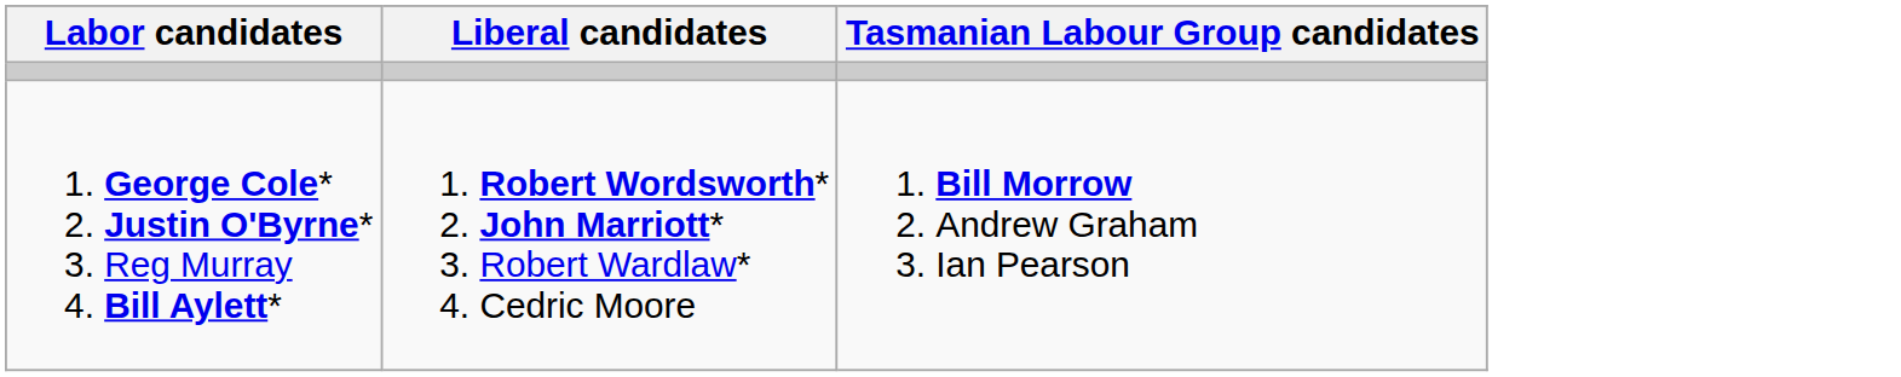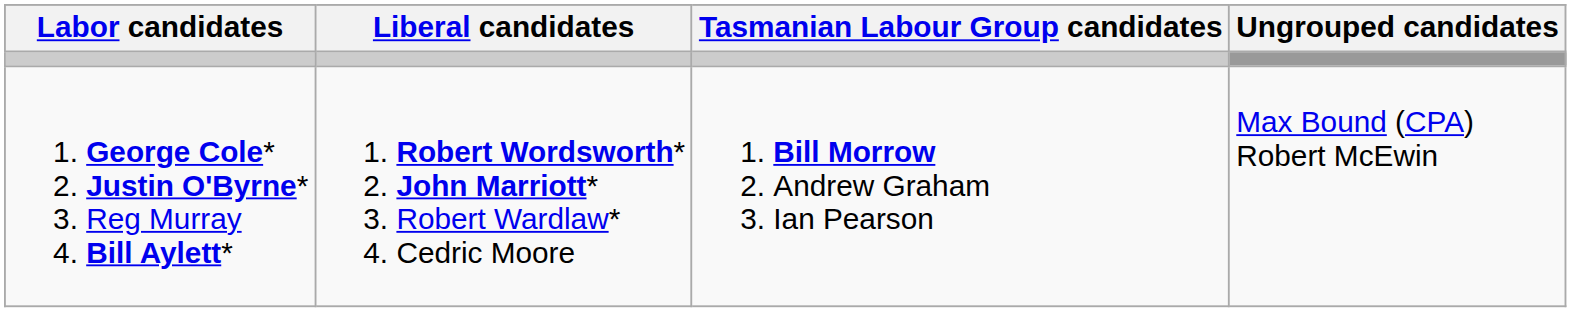 <table class="wikitable">
 <tr>
 <th><a href='#'>Labor</a> candidates</th>
 <th><a href='#'>Liberal</a> candidates</th>
 <th><a href='#'>Tasmanian Labour Group</a> candidates</th>
+<th>Ungrouped candidates</th>
 </tr>
 <tr bgcolor="#cccccc">
 <td></td>
 <td></td>
 <td></td>
+<td bgcolor="#999999"></td>
 </tr>
 <tr>
 <td><br><ol><li><strong><a href='#'>George Cole</a></strong>*</li><li><strong><a href='#'>Justin O'Byrne</a></strong>*</li><li><a href='#'>Reg Murray</a></li><li><strong><a href='#'>Bill Aylett</a></strong>*</li></ol></td>
 <td><br><ol><li><strong><a href='#'>Robert Wordsworth</a></strong>*</li><li><strong><a href='#'>John Marriott</a></strong>*</li><li><a href='#'>Robert Wardlaw</a>*</li><li>Cedric Moore</li></ol></td>
 <td valign=top><br><ol><li><strong><a href='#'>Bill Morrow</a></strong></li><li>Andrew Graham</li><li>Ian Pearson</li></ol></td>
+<td valign=top><br><a href='#'>Max Bound</a> (<a href='#'>CPA</a>)<br> Robert McEwin</td>
 </tr>
 </table>
